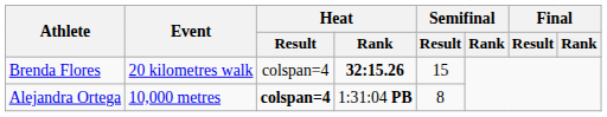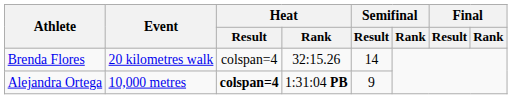 <table class="wikitable" style="font-size:90%">
 <tr>
 <th rowspan="2">Athlete</th>
 <th rowspan="2">Event</th>
 <th colspan="2">Heat</th>
 <th colspan="2">Semifinal</th>
 <th colspan="2">Final</th>
 </tr>
 <tr style="font-size:95%">
 <th>Result</th>
 <th>Rank</th>
 <th>Result</th>
 <th>Rank</th>
 <th>Result</th>
 <th>Rank</th>
 </tr>
 <tr style=text-align:center>
 <td style=text-align:left><a href='#'>Brenda Flores</a></td>
 <td style=text-align:left><a href='#'>20 kilometres walk</a></td>
 <td>colspan=4 </td>
-<td><strong>32:15.26</strong></td>
-<td>15</td>
+<td>32:15.26</td>
+<td>14</td>
 </tr>
 <tr style=text-align:center>
 <td style=text-align:left><a href='#'>Alejandra Ortega</a></td>
 <td style=text-align:left><a href='#'>10,000 metres</a></td>
 <td><strong>colspan=4 </strong></td>
 <td>1:31:04 <strong>PB</strong></td>
-<td>8</td>
+<td>9</td>
 </tr>
 </table>
